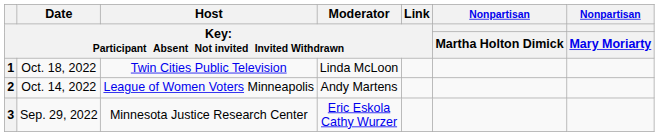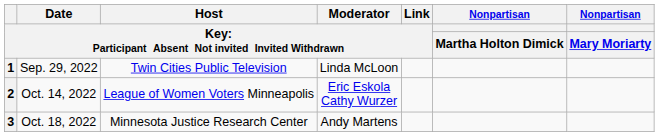 <table class="wikitable" style="text-align:center;">
 <tr>
 <th scope="col"></th>
 <th scope="col">Date</th>
 <th scope="col">Host</th>
 <th scope="col">Moderator</th>
 <th scope="col">Link</th>
 <th scope="col"><small><a href='#'>Nonpartisan</a></small></th>
 <th scope="col"><small><a href='#'>Nonpartisan</a></small></th>
 </tr>
 <tr>
 <th colspan="5" rowspan="2">Key:<br> <small>Participant </small>  <small>Absent </small>  <small>Not invited </small>  <small>Invited  Withdrawn</small></th>
 <th scope="col" style="background:"></th>
 <th scope="col" style="background:"></th>
 </tr>
 <tr>
 <th scope="col">Martha Holton Dimick</th>
 <th scope="col"><a href='#'>Mary Moriarty</a></th>
 </tr>
 <tr>
 <th>1</th>
-<td style="white-space:nowrap;">Oct. 18, 2022</td>
+<td style="white-space:nowrap;">Sep. 29, 2022</td>
 <td style="white-space:nowrap;"><a href='#'>Twin Cities Public Television</a></td>
 <td style="white-space:nowrap;">Linda McLoon</td>
 <td style="white-space:nowrap;"></td>
 <td></td>
 <td></td>
 </tr>
 <tr>
 <th>2</th>
 <td style="white-space:nowrap;">Oct. 14, 2022</td>
 <td style="white-space:nowrap;"><a href='#'>League of Women Voters</a> Minneapolis</td>
-<td style="white-space:nowrap;">Andy Martens</td>
+<td style="white-space:nowrap;"><a href='#'>Eric Eskola</a><br><a href='#'>Cathy Wurzer</a></td>
 <td style="white-space:nowrap;"></td>
 <td></td>
 <td></td>
 </tr>
 <tr>
 <th>3</th>
-<td style="white-space:nowrap;">Sep. 29, 2022</td>
+<td style="white-space:nowrap;">Oct. 18, 2022</td>
 <td style="white-space:nowrap;">Minnesota Justice Research Center</td>
-<td style="white-space:nowrap;"><a href='#'>Eric Eskola</a><br><a href='#'>Cathy Wurzer</a></td>
+<td style="white-space:nowrap;">Andy Martens</td>
 <td style="white-space:nowrap;"></td>
 <td></td>
 <td></td>
 </tr>
 </table>
